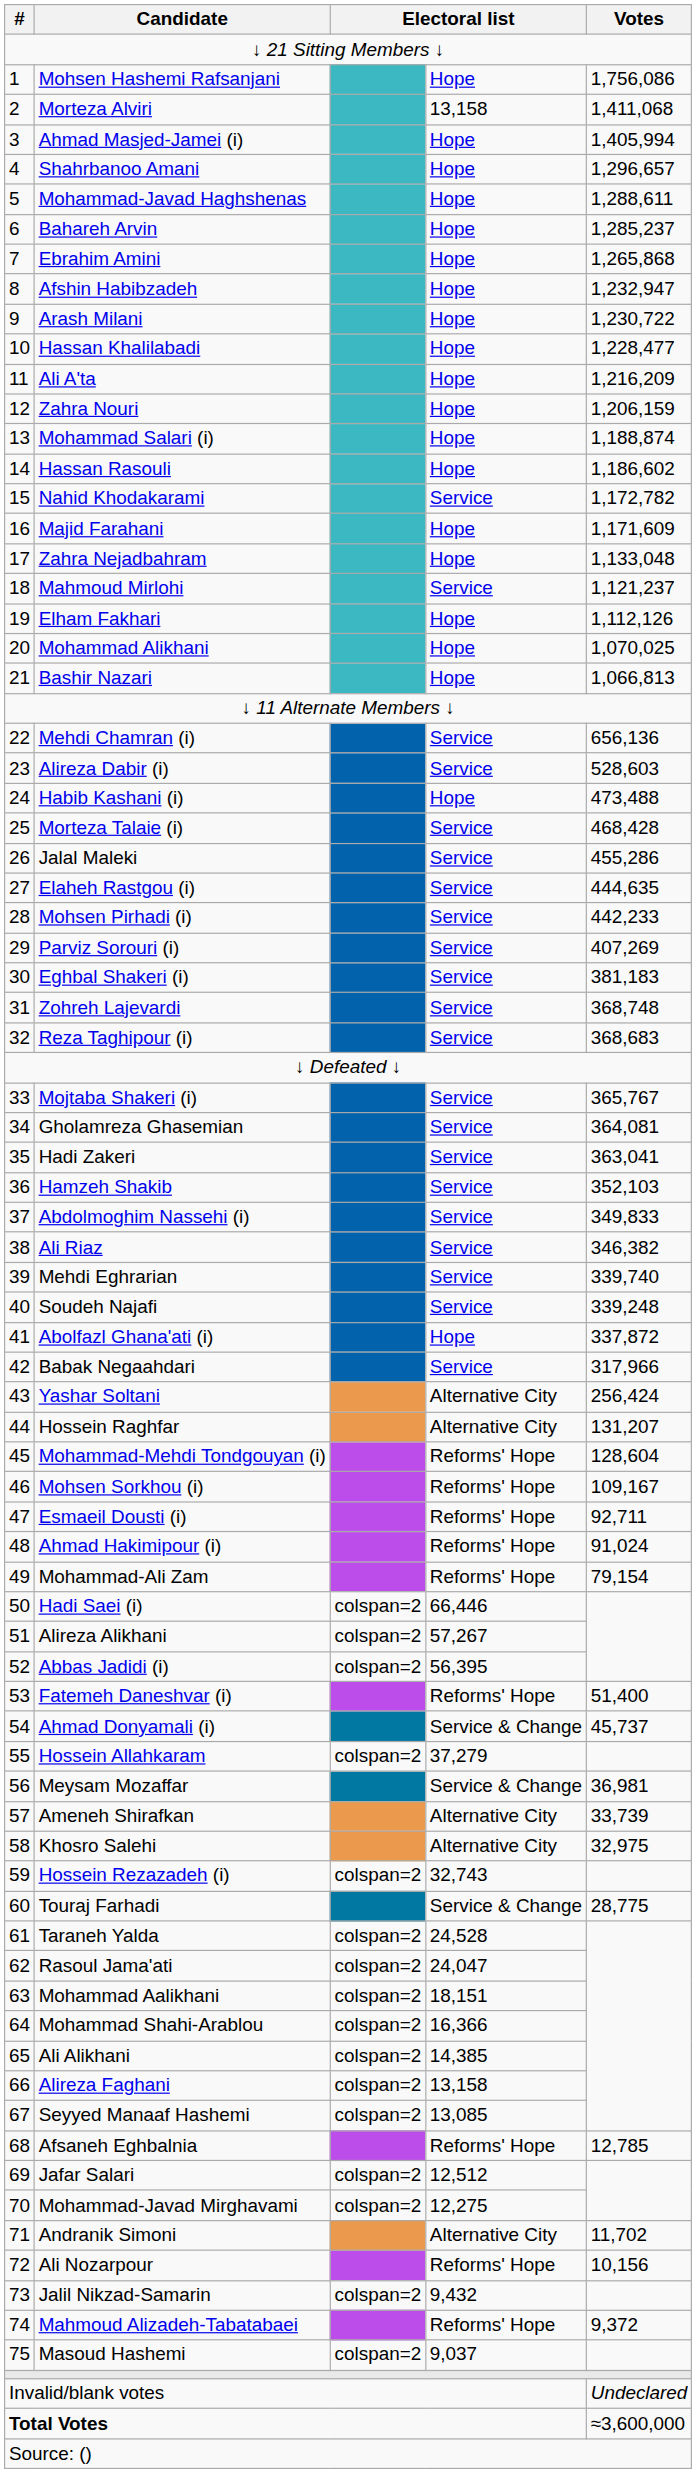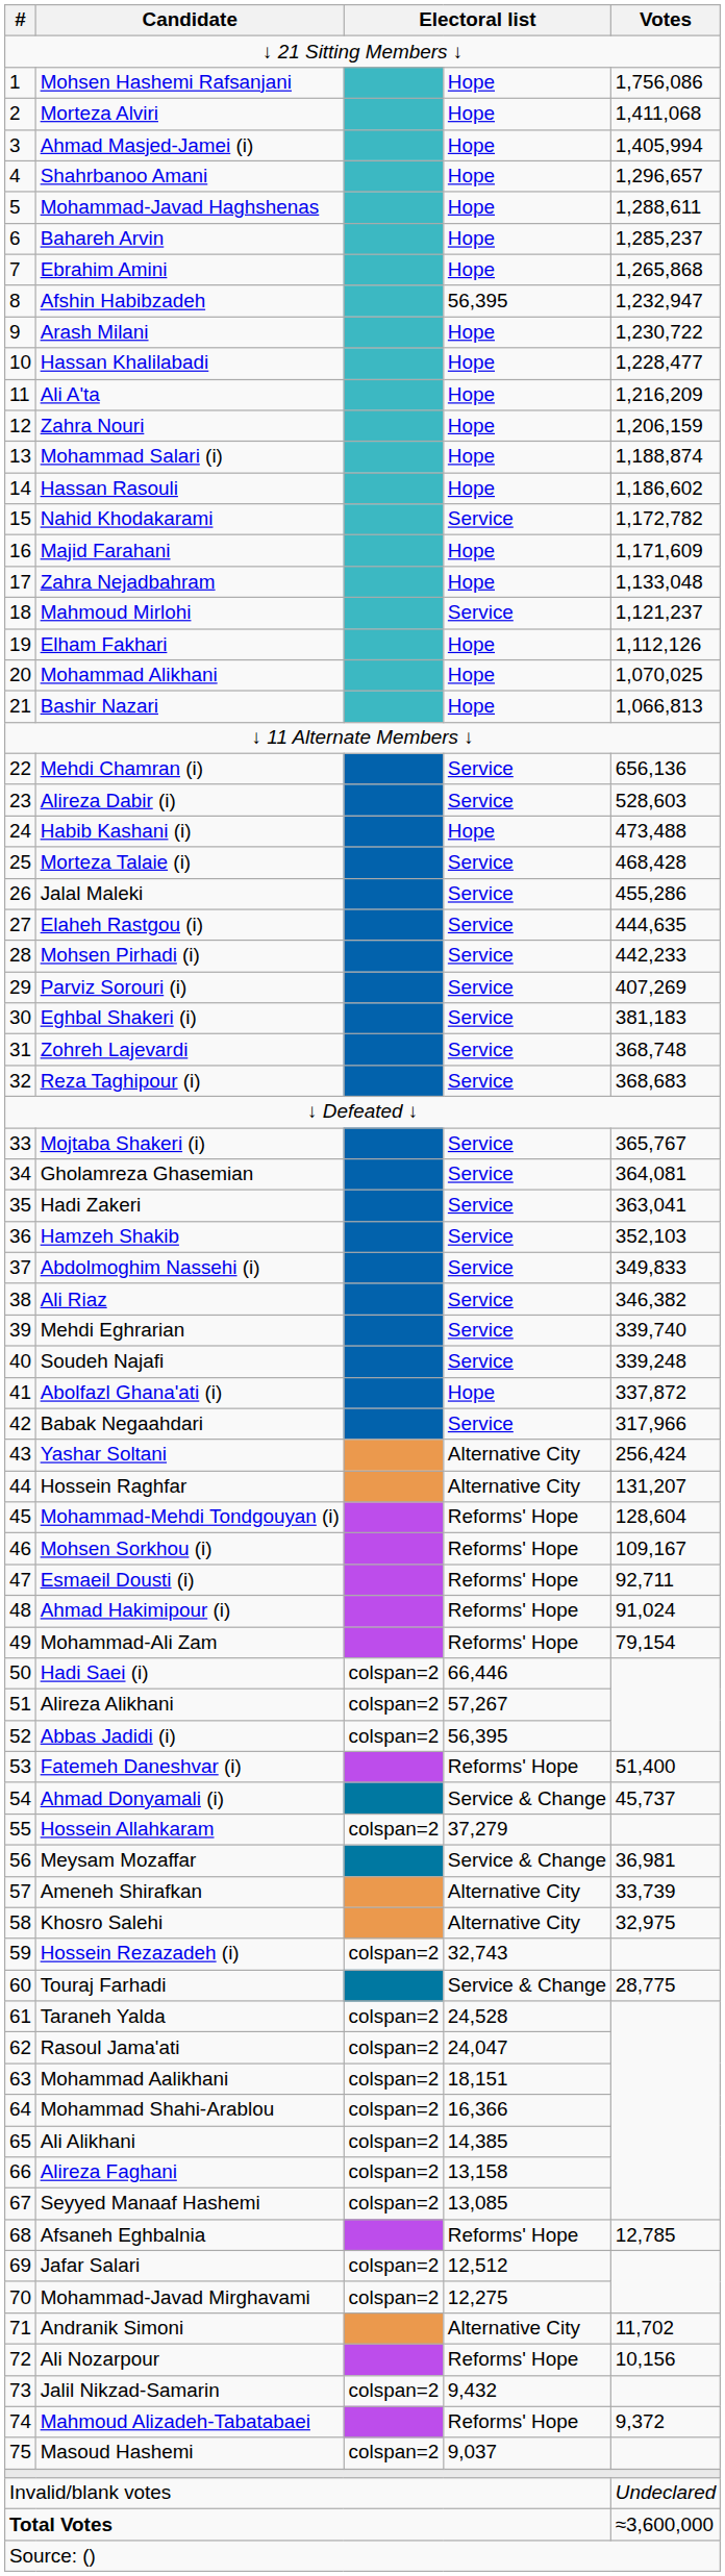 <table class=wikitable>
 <tr>
 <th>#</th>
 <th>Candidate</th>
 <th colspan="2">Electoral list</th>
 <th>Votes</th>
 </tr>
 <tr>
 <td align=center colspan="5">↓ <em>21 Sitting Members</em> ↓</td>
 </tr>
 <tr>
 <td>1</td>
 <td><a href='#'>Mohsen Hashemi Rafsanjani</a></td>
 <td style="background:#3cb8c2;"></td>
 <td><a href='#'>Hope</a></td>
 <td>1,756,086</td>
 </tr>
 <tr>
 <td>2</td>
 <td><a href='#'>Morteza Alviri</a></td>
 <td style="background:#3cb8c2;"></td>
-<td>13,158</td>
+<td><a href='#'>Hope</a></td>
 <td>1,411,068</td>
 </tr>
 <tr>
 <td>3</td>
 <td><a href='#'>Ahmad Masjed-Jamei</a> (<abbr>i</abbr>)</td>
 <td style="background:#3cb8c2;"></td>
 <td><a href='#'>Hope</a></td>
 <td>1,405,994</td>
 </tr>
 <tr>
 <td>4</td>
 <td><a href='#'>Shahrbanoo Amani</a></td>
 <td style="background:#3cb8c2;"></td>
 <td><a href='#'>Hope</a></td>
 <td>1,296,657</td>
 </tr>
 <tr>
 <td>5</td>
 <td><a href='#'>Mohammad-Javad Haghshenas</a></td>
 <td style="background:#3cb8c2;"></td>
 <td><a href='#'>Hope</a></td>
 <td>1,288,611</td>
 </tr>
 <tr>
 <td>6</td>
 <td><a href='#'>Bahareh Arvin</a></td>
 <td style="background:#3cb8c2;"></td>
 <td><a href='#'>Hope</a></td>
 <td>1,285,237</td>
 </tr>
 <tr>
 <td>7</td>
 <td><a href='#'>Ebrahim Amini</a></td>
 <td style="background:#3cb8c2;"></td>
 <td><a href='#'>Hope</a></td>
 <td>1,265,868</td>
 </tr>
 <tr>
 <td>8</td>
 <td><a href='#'>Afshin Habibzadeh</a></td>
 <td style="background:#3cb8c2;"></td>
-<td><a href='#'>Hope</a></td>
+<td>56,395</td>
 <td>1,232,947</td>
 </tr>
 <tr>
 <td>9</td>
 <td><a href='#'>Arash Milani</a></td>
 <td style="background:#3cb8c2;"></td>
 <td><a href='#'>Hope</a></td>
 <td>1,230,722</td>
 </tr>
 <tr>
 <td>10</td>
 <td><a href='#'>Hassan Khalilabadi</a></td>
 <td style="background:#3cb8c2;"></td>
 <td><a href='#'>Hope</a></td>
 <td>1,228,477</td>
 </tr>
 <tr>
 <td>11</td>
 <td><a href='#'>Ali A'ta</a></td>
 <td style="background:#3cb8c2;"></td>
 <td><a href='#'>Hope</a></td>
 <td>1,216,209</td>
 </tr>
 <tr>
 <td>12</td>
 <td><a href='#'>Zahra Nouri</a></td>
 <td style="background:#3cb8c2;"></td>
 <td><a href='#'>Hope</a></td>
 <td>1,206,159</td>
 </tr>
 <tr>
 <td>13</td>
 <td><a href='#'>Mohammad Salari</a> (<abbr>i</abbr>)</td>
 <td style="background:#3cb8c2;"></td>
 <td><a href='#'>Hope</a></td>
 <td>1,188,874</td>
 </tr>
 <tr>
 <td>14</td>
 <td><a href='#'>Hassan Rasouli</a></td>
 <td style="background:#3cb8c2;"></td>
 <td><a href='#'>Hope</a></td>
 <td>1,186,602</td>
 </tr>
 <tr>
 <td>15</td>
 <td><a href='#'>Nahid Khodakarami</a></td>
 <td style="background:#3cb8c2;"></td>
 <td><a href='#'>Service</a></td>
 <td>1,172,782</td>
 </tr>
 <tr>
 <td>16</td>
 <td><a href='#'>Majid Farahani</a></td>
 <td style="background:#3cb8c2;"></td>
 <td><a href='#'>Hope</a></td>
 <td>1,171,609</td>
 </tr>
 <tr>
 <td>17</td>
 <td><a href='#'>Zahra Nejadbahram</a></td>
 <td style="background:#3cb8c2;"></td>
 <td><a href='#'>Hope</a></td>
 <td>1,133,048</td>
 </tr>
 <tr>
 <td>18</td>
 <td><a href='#'>Mahmoud Mirlohi</a></td>
 <td style="background:#3cb8c2;"></td>
 <td><a href='#'>Service</a></td>
 <td>1,121,237</td>
 </tr>
 <tr>
 <td>19</td>
 <td><a href='#'>Elham Fakhari</a></td>
 <td style="background:#3cb8c2;"></td>
 <td><a href='#'>Hope</a></td>
 <td>1,112,126</td>
 </tr>
 <tr>
 <td>20</td>
 <td><a href='#'>Mohammad Alikhani</a></td>
 <td style="background:#3cb8c2;"></td>
 <td><a href='#'>Hope</a></td>
 <td>1,070,025</td>
 </tr>
 <tr>
 <td>21</td>
 <td><a href='#'>Bashir Nazari</a></td>
 <td style="background:#3cb8c2;"></td>
 <td><a href='#'>Hope</a></td>
 <td>1,066,813</td>
 </tr>
 <tr>
 <td align=center colspan="5">↓ <em>11 Alternate Members</em> ↓</td>
 </tr>
 <tr>
 <td>22</td>
 <td><a href='#'>Mehdi Chamran</a> (<abbr>i</abbr>)</td>
 <td style="background:#0262ac;"></td>
 <td><a href='#'>Service</a></td>
 <td>656,136</td>
 </tr>
 <tr>
 <td>23</td>
 <td><a href='#'>Alireza Dabir</a> (<abbr>i</abbr>)</td>
 <td style="background:#0262ac;"></td>
 <td><a href='#'>Service</a></td>
 <td>528,603</td>
 </tr>
 <tr>
 <td>24</td>
 <td><a href='#'>Habib Kashani</a> (<abbr>i</abbr>)</td>
 <td style="background:#0262ac;"></td>
 <td><a href='#'>Hope</a></td>
 <td>473,488</td>
 </tr>
 <tr>
 <td>25</td>
 <td><a href='#'>Morteza Talaie</a> (<abbr>i</abbr>)</td>
 <td style="background:#0262ac;"></td>
 <td><a href='#'>Service</a></td>
 <td>468,428</td>
 </tr>
 <tr>
 <td>26</td>
 <td>Jalal Maleki</td>
 <td style="background:#0262ac;"></td>
 <td><a href='#'>Service</a></td>
 <td>455,286</td>
 </tr>
 <tr>
 <td>27</td>
 <td><a href='#'>Elaheh Rastgou</a> (<abbr>i</abbr>)</td>
 <td style="background:#0262ac;"></td>
 <td><a href='#'>Service</a></td>
 <td>444,635</td>
 </tr>
 <tr>
 <td>28</td>
 <td><a href='#'>Mohsen Pirhadi</a> (<abbr>i</abbr>)</td>
 <td style="background:#0262ac;"></td>
 <td><a href='#'>Service</a></td>
 <td>442,233</td>
 </tr>
 <tr>
 <td>29</td>
 <td><a href='#'>Parviz Sorouri</a> (<abbr>i</abbr>)</td>
 <td style="background:#0262ac;"></td>
 <td><a href='#'>Service</a></td>
 <td>407,269</td>
 </tr>
 <tr>
 <td>30</td>
 <td><a href='#'>Eghbal Shakeri</a> (<abbr>i</abbr>)</td>
 <td style="background:#0262ac;"></td>
 <td><a href='#'>Service</a></td>
 <td>381,183</td>
 </tr>
 <tr>
 <td>31</td>
 <td><a href='#'>Zohreh Lajevardi</a></td>
 <td style="background:#0262ac;"></td>
 <td><a href='#'>Service</a></td>
 <td>368,748</td>
 </tr>
 <tr>
 <td>32</td>
 <td><a href='#'>Reza Taghipour</a> (<abbr>i</abbr>)</td>
 <td style="background:#0262ac;"></td>
 <td><a href='#'>Service</a></td>
 <td>368,683</td>
 </tr>
 <tr>
 <td align=center colspan="5">↓ <em>Defeated</em> ↓</td>
 </tr>
 <tr>
 <td>33</td>
 <td><a href='#'>Mojtaba Shakeri</a> (<abbr>i</abbr>)</td>
 <td style="background:#0262ac;"></td>
 <td><a href='#'>Service</a></td>
 <td>365,767</td>
 </tr>
 <tr>
 <td>34</td>
 <td>Gholamreza Ghasemian</td>
 <td style="background:#0262ac;"></td>
 <td><a href='#'>Service</a></td>
 <td>364,081</td>
 </tr>
 <tr>
 <td>35</td>
 <td>Hadi Zakeri</td>
 <td style="background:#0262ac;"></td>
 <td><a href='#'>Service</a></td>
 <td>363,041</td>
 </tr>
 <tr>
 <td>36</td>
 <td><a href='#'>Hamzeh Shakib</a></td>
 <td style="background:#0262ac;"></td>
 <td><a href='#'>Service</a></td>
 <td>352,103</td>
 </tr>
 <tr>
 <td>37</td>
 <td><a href='#'>Abdolmoghim Nassehi</a> (<abbr>i</abbr>)</td>
 <td style="background:#0262ac;"></td>
 <td><a href='#'>Service</a></td>
 <td>349,833</td>
 </tr>
 <tr>
 <td>38</td>
 <td><a href='#'>Ali Riaz</a></td>
 <td style="background:#0262ac;"></td>
 <td><a href='#'>Service</a></td>
 <td>346,382</td>
 </tr>
 <tr>
 <td>39</td>
 <td>Mehdi Eghrarian</td>
 <td style="background:#0262ac;"></td>
 <td><a href='#'>Service</a></td>
 <td>339,740</td>
 </tr>
 <tr>
 <td>40</td>
 <td>Soudeh Najafi</td>
 <td style="background:#0262ac;"></td>
 <td><a href='#'>Service</a></td>
 <td>339,248</td>
 </tr>
 <tr>
 <td>41</td>
 <td><a href='#'>Abolfazl Ghana'ati</a> (<abbr>i</abbr>)</td>
 <td style="background:#0262ac;"></td>
 <td><a href='#'>Hope</a></td>
 <td>337,872</td>
 </tr>
 <tr>
 <td>42</td>
 <td>Babak Negaahdari</td>
 <td style="background:#0262ac;"></td>
 <td><a href='#'>Service</a></td>
 <td>317,966</td>
 </tr>
 <tr>
 <td>43</td>
 <td><a href='#'>Yashar Soltani</a></td>
 <td style="background:#eb994d;"></td>
 <td>Alternative City</td>
 <td>256,424</td>
 </tr>
 <tr>
 <td>44</td>
 <td>Hossein Raghfar</td>
 <td style="background:#eb994d;"></td>
 <td>Alternative City</td>
 <td>131,207</td>
 </tr>
 <tr>
 <td>45</td>
 <td><a href='#'>Mohammad-Mehdi Tondgouyan</a> (<abbr>i</abbr>)</td>
 <td style="background:#bd4deb;"></td>
 <td>Reforms' Hope</td>
 <td>128,604</td>
 </tr>
 <tr>
 <td>46</td>
 <td><a href='#'>Mohsen Sorkhou</a> (<abbr>i</abbr>)</td>
 <td style="background:#bd4deb;"></td>
 <td>Reforms' Hope</td>
 <td>109,167</td>
 </tr>
 <tr>
 <td>47</td>
 <td><a href='#'>Esmaeil Dousti</a> (<abbr>i</abbr>)</td>
 <td style="background:#bd4deb;"></td>
 <td>Reforms' Hope</td>
 <td>92,711</td>
 </tr>
 <tr>
 <td>48</td>
 <td><a href='#'>Ahmad Hakimipour</a> (<abbr>i</abbr>)</td>
 <td style="background:#bd4deb;"></td>
 <td>Reforms' Hope</td>
 <td>91,024</td>
 </tr>
 <tr>
 <td>49</td>
 <td>Mohammad-Ali Zam</td>
 <td style="background:#bd4deb;"></td>
 <td>Reforms' Hope</td>
 <td>79,154</td>
 </tr>
 <tr>
 <td>50</td>
 <td><a href='#'>Hadi Saei</a> (<abbr>i</abbr>)</td>
 <td>colspan=2 </td>
 <td>66,446</td>
 </tr>
 <tr>
 <td>51</td>
 <td>Alireza Alikhani</td>
 <td>colspan=2 </td>
 <td>57,267</td>
 </tr>
 <tr>
 <td>52</td>
 <td><a href='#'>Abbas Jadidi</a> (<abbr>i</abbr>)</td>
 <td>colspan=2 </td>
 <td>56,395</td>
 </tr>
 <tr>
 <td>53</td>
 <td><a href='#'>Fatemeh Daneshvar</a> (<abbr>i</abbr>)</td>
 <td style="background:#bd4deb;"></td>
 <td>Reforms' Hope</td>
 <td>51,400</td>
 </tr>
 <tr>
 <td>54</td>
 <td><a href='#'>Ahmad Donyamali</a> (<abbr>i</abbr>)</td>
 <td style="background:#0078a1;"></td>
 <td>Service & Change</td>
 <td>45,737</td>
 </tr>
 <tr>
 <td>55</td>
 <td><a href='#'>Hossein Allahkaram</a></td>
 <td>colspan=2 </td>
 <td>37,279</td>
 </tr>
 <tr>
 <td>56</td>
 <td>Meysam Mozaffar</td>
 <td style="background:#0078a1;"></td>
 <td>Service & Change</td>
 <td>36,981</td>
 </tr>
 <tr>
 <td>57</td>
 <td>Ameneh Shirafkan</td>
 <td style="background:#eb994d;"></td>
 <td>Alternative City</td>
 <td>33,739</td>
 </tr>
 <tr>
 <td>58</td>
 <td>Khosro Salehi</td>
 <td style="background:#eb994d;"></td>
 <td>Alternative City</td>
 <td>32,975</td>
 </tr>
 <tr>
 <td>59</td>
 <td><a href='#'>Hossein Rezazadeh</a> (<abbr>i</abbr>)</td>
 <td>colspan=2 </td>
 <td>32,743</td>
 </tr>
 <tr>
 <td>60</td>
 <td>Touraj Farhadi</td>
 <td style="background:#0078a1;"></td>
 <td>Service & Change</td>
 <td>28,775</td>
 </tr>
 <tr>
 <td>61</td>
 <td>Taraneh Yalda</td>
 <td>colspan=2 </td>
 <td>24,528</td>
 </tr>
 <tr>
 <td>62</td>
 <td>Rasoul Jama'ati</td>
 <td>colspan=2 </td>
 <td>24,047</td>
 </tr>
 <tr>
 <td>63</td>
 <td>Mohammad Aalikhani</td>
 <td>colspan=2 </td>
 <td>18,151</td>
 </tr>
 <tr>
 <td>64</td>
 <td>Mohammad Shahi-Arablou</td>
 <td>colspan=2 </td>
 <td>16,366</td>
 </tr>
 <tr>
 <td>65</td>
 <td>Ali Alikhani</td>
 <td>colspan=2 </td>
 <td>14,385</td>
 </tr>
 <tr>
 <td>66</td>
 <td><a href='#'>Alireza Faghani</a></td>
 <td>colspan=2 </td>
 <td>13,158</td>
 </tr>
 <tr>
 <td>67</td>
 <td>Seyyed Manaaf Hashemi</td>
 <td>colspan=2 </td>
 <td>13,085</td>
 </tr>
 <tr>
 <td>68</td>
 <td>Afsaneh Eghbalnia</td>
 <td style="background:#bd4deb;"></td>
 <td>Reforms' Hope</td>
 <td>12,785</td>
 </tr>
 <tr>
 <td>69</td>
 <td>Jafar Salari</td>
 <td>colspan=2 </td>
 <td>12,512</td>
 </tr>
 <tr>
 <td>70</td>
 <td>Mohammad-Javad Mirghavami</td>
 <td>colspan=2 </td>
 <td>12,275</td>
 </tr>
 <tr>
 <td>71</td>
 <td>Andranik Simoni</td>
 <td style="background:#eb994d;"></td>
 <td>Alternative City</td>
 <td>11,702</td>
 </tr>
 <tr>
 <td>72</td>
 <td>Ali Nozarpour</td>
 <td style="background:#bd4deb;"></td>
 <td>Reforms' Hope</td>
 <td>10,156</td>
 </tr>
 <tr>
 <td>73</td>
 <td>Jalil Nikzad-Samarin</td>
 <td>colspan=2 </td>
 <td>9,432</td>
 </tr>
 <tr>
 <td>74</td>
 <td><a href='#'>Mahmoud Alizadeh-Tabatabaei</a></td>
 <td style="background:#bd4deb;"></td>
 <td>Reforms' Hope</td>
 <td>9,372</td>
 </tr>
 <tr>
 <td>75</td>
 <td>Masoud Hashemi</td>
 <td>colspan=2 </td>
 <td>9,037</td>
 </tr>
 <tr>
 <td colspan="5" style="background:#E9E9E9;"></td>
 </tr>
 <tr>
 <td colspan="4">Invalid/blank votes</td>
 <td><em>Undeclared</em></td>
 </tr>
 <tr>
 <td colspan="4"><strong>Total Votes</strong></td>
 <td>≈3,600,000</td>
 </tr>
 <tr>
 <td colspan="5">Source:  ()</td>
 </tr>
 </table>
